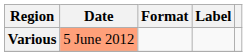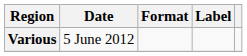 <table class="wikitable plainrowheaders">
 <tr>
 <th scope="col">Region</th>
 <th scope="col">Date</th>
 <th scope="col">Format</th>
 <th scope="col">Label</th>
 <th scope="col"></th>
 </tr>
 <tr>
 <th scope="row" rowspan="1">Various</th>
-<td rowspan="1" style="background: lightsalmon;">5 June 2012</td>
+<td rowspan="1">5 June 2012</td>
 <td></td>
 <td rowspan="1"></td>
 <td align="center"></td>
 </tr>
 <tr>
 </tr>
 </table>
